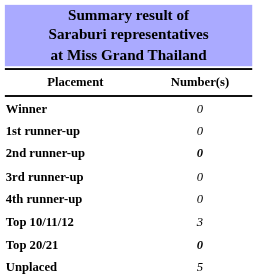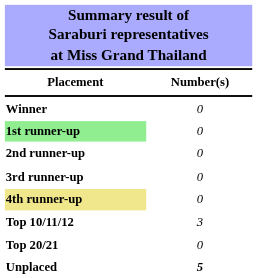 <table style="width: 270px; font-size:85%; line-height:1.5em;">
 <tr>
 <th colspan="2" align="center" style="background:#AAF;"><big>Summary result of<br>Saraburi representatives<br>at Miss Grand Thailand</big></th>
 </tr>
 <tr>
 <td colspan="2" style="background:black"></td>
 </tr>
 <tr>
 <th scope="col">Placement</th>
 <th scope="col">Number(s)</th>
 </tr>
 <tr>
 <td colspan="2" style="background:black"></td>
 </tr>
 <tr>
 <td align="left"><strong>Winner</strong></td>
 <td align="center"><em>0</em></td>
 </tr>
 <tr>
-<td align="left"><strong>1st runner-up</strong></td>
+<td align="left" style="background: lightgreen;"><strong>1st runner-up</strong></td>
 <td align="center"><em>0</em></td>
 </tr>
 <tr>
 <td align="left"><strong>2nd runner-up</strong></td>
-<td align="center"><strong><em>0</em></strong></td>
+<td align="center"><em>0</em></td>
 </tr>
 <tr>
 <td align="left"><strong>3rd runner-up</strong></td>
 <td align="center"><em>0</em></td>
 </tr>
 <tr>
-<td align="left"><strong>4th runner-up</strong></td>
+<td align="left" style="background: khaki;"><strong>4th runner-up</strong></td>
 <td align="center"><em>0</em></td>
 </tr>
 <tr>
 <td align="left"><strong>Top 10/11/12</strong></td>
 <td align="center"><em>3</em></td>
 </tr>
 <tr>
 <td align="left"><strong>Top 20/21</strong></td>
-<td align="center"><strong><em>0</em></strong></td>
+<td align="center"><em>0</em></td>
 </tr>
 <tr>
 <td align="left"><strong>Unplaced</strong></td>
-<td align="center"><em>5</em></td>
+<td align="center"><strong><em>5</em></strong></td>
 </tr>
 </table>
